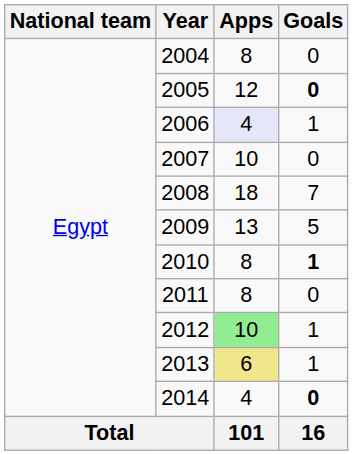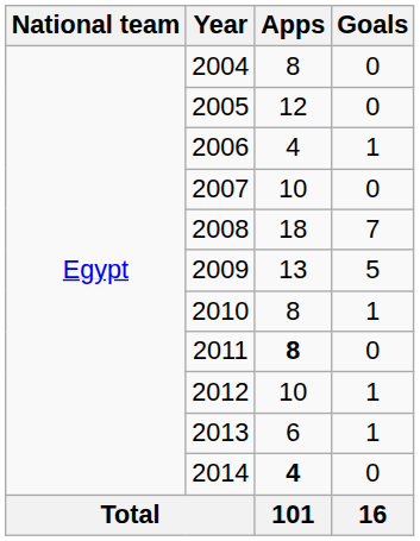 <table class="wikitable" style="text-align:center">
 <tr>
 <th>National team</th>
 <th>Year</th>
 <th>Apps</th>
 <th>Goals</th>
 </tr>
 <tr>
 <td rowspan="11"><a href='#'>Egypt</a></td>
 <td>2004</td>
 <td>8</td>
 <td>0</td>
 </tr>
 <tr>
 <td>2005</td>
 <td>12</td>
-<td><strong>0</strong></td>
+<td>0</td>
 </tr>
 <tr>
 <td>2006</td>
-<td style="background: lavender;">4</td>
+<td>4</td>
 <td>1</td>
 </tr>
 <tr>
 <td>2007</td>
 <td>10</td>
 <td>0</td>
 </tr>
 <tr>
 <td>2008</td>
 <td>18</td>
 <td>7</td>
 </tr>
 <tr>
 <td>2009</td>
 <td>13</td>
 <td>5</td>
 </tr>
 <tr>
 <td>2010</td>
 <td>8</td>
-<td><strong>1</strong></td>
+<td>1</td>
 </tr>
 <tr>
 <td>2011</td>
-<td>8</td>
+<td><strong>8</strong></td>
 <td>0</td>
 </tr>
 <tr>
 <td>2012</td>
-<td style="background: lightgreen;">10</td>
+<td>10</td>
 <td>1</td>
 </tr>
 <tr>
 <td>2013</td>
-<td style="background: khaki;">6</td>
+<td>6</td>
 <td>1</td>
 </tr>
 <tr>
 <td>2014</td>
-<td>4</td>
-<td><strong>0</strong></td>
+<td><strong>4</strong></td>
+<td>0</td>
 </tr>
 <tr>
 <th colspan="2">Total</th>
 <th>101</th>
 <th>16</th>
 </tr>
 </table>
